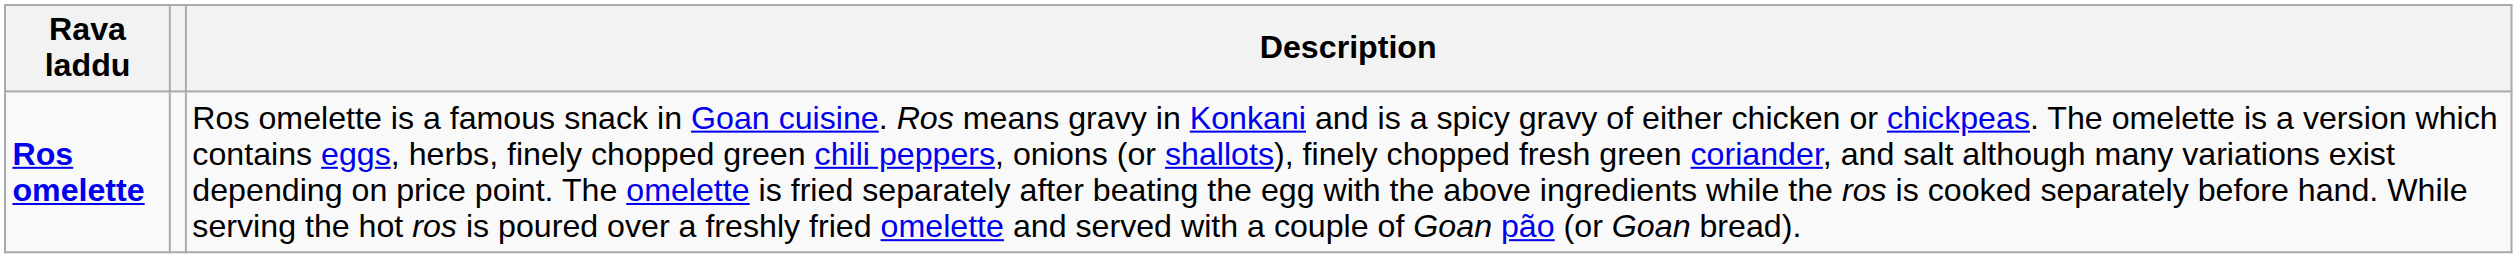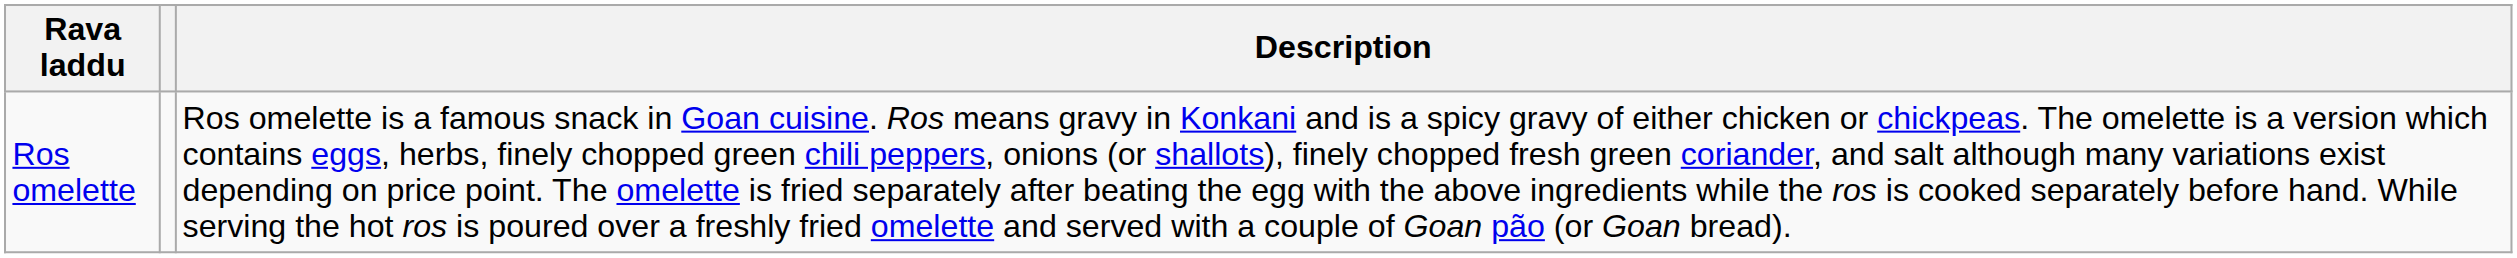 <table class="wikitable">
 <tr>
 <th>Rava laddu</th>
 <th></th>
 <th>Description</th>
 </tr>
 <tr>
-<td><strong><a href='#'>Ros omelette</a></strong></td>
+<td><a href='#'>Ros omelette</a></td>
 <td></td>
 <td>Ros omelette is a famous snack in <a href='#'>Goan cuisine</a>. <em>Ros</em> means gravy in <a href='#'>Konkani</a> and is a spicy gravy of either chicken or <a href='#'>chickpeas</a>. The omelette is a version which contains <a href='#'>eggs</a>, herbs, finely chopped green <a href='#'>chili peppers</a>, onions (or <a href='#'>shallots</a>), finely chopped fresh green <a href='#'>coriander</a>, and salt although many variations exist depending on price point. The <a href='#'>omelette</a> is fried separately after beating the egg with the above ingredients while the <em>ros</em> is cooked separately before hand. While serving the hot <em>ros</em> is poured over a freshly fried <a href='#'>omelette</a> and served with a couple of <em>Goan</em> <a href='#'>pão</a> (or <em>Goan</em> bread).</td>
 </tr>
 </table>
